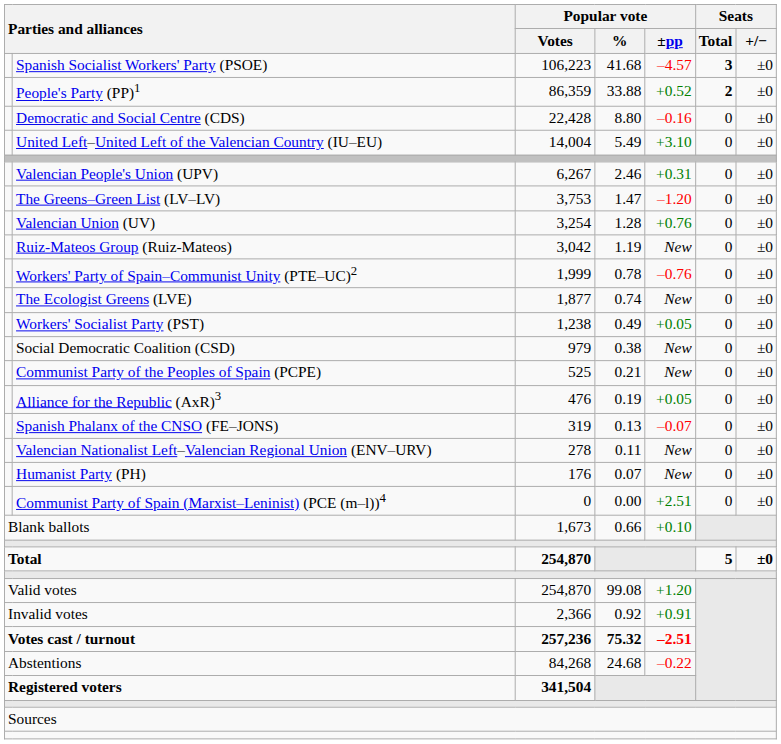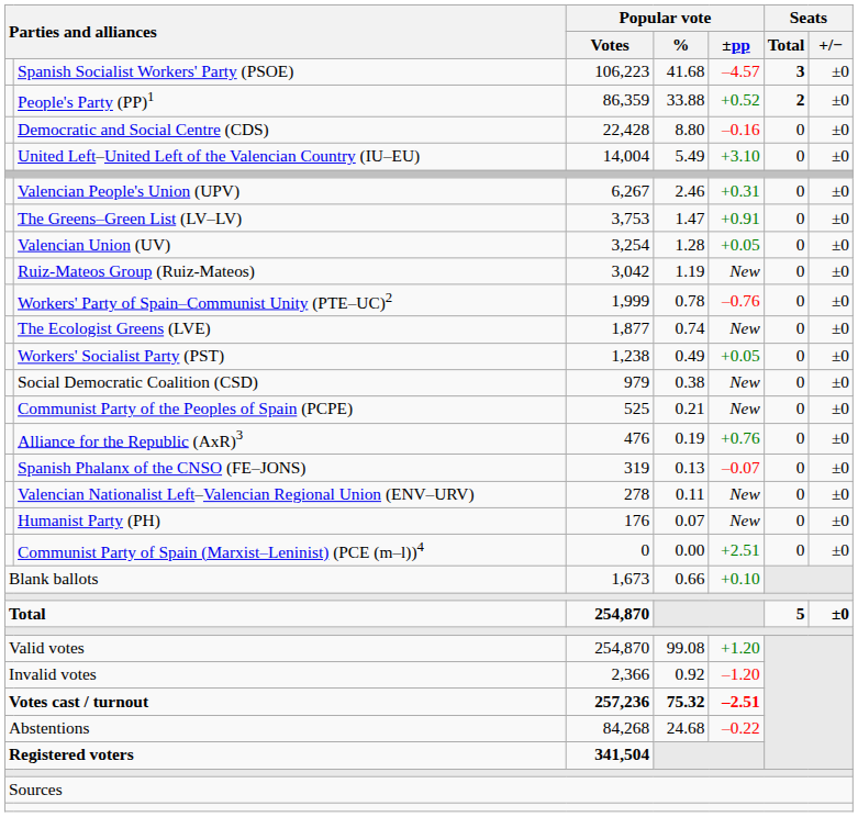 <table class="wikitable" style="text-align:right;">
 <tr>
 <th style="text-align:left;" rowspan="2" colspan="2" width="525">Parties and alliances</th>
 <th colspan="3">Popular vote</th>
 <th colspan="2">Seats</th>
 </tr>
 <tr>
 <th width="75">Votes</th>
 <th width="45">%</th>
 <th width="45">±<a href='#'>pp</a></th>
 <th width="35">Total</th>
 <th width="35">+/−</th>
 </tr>
 <tr>
 <td width="1" style="color:inherit;background:"></td>
 <td align="left"><a href='#'>Spanish Socialist Workers' Party</a> (PSOE)</td>
 <td>106,223</td>
 <td>41.68</td>
 <td style="color:red;">–4.57</td>
 <td><strong>3</strong></td>
 <td>±0</td>
 </tr>
 <tr>
 <td style="color:inherit;background:"></td>
 <td align="left"><a href='#'>People's Party</a> (PP)<sup>1</sup></td>
 <td>86,359</td>
 <td>33.88</td>
 <td style="color:green;">+0.52</td>
 <td><strong>2</strong></td>
 <td>±0</td>
 </tr>
 <tr>
 <td style="color:inherit;background:"></td>
 <td align="left"><a href='#'>Democratic and Social Centre</a> (CDS)</td>
 <td>22,428</td>
 <td>8.80</td>
 <td style="color:red;">–0.16</td>
 <td>0</td>
 <td>±0</td>
 </tr>
 <tr>
 <td style="color:inherit;background:"></td>
 <td align="left"><a href='#'>United Left</a>–<a href='#'>United Left of the Valencian Country</a> (IU–EU)</td>
 <td>14,004</td>
 <td>5.49</td>
 <td style="color:green;">+3.10</td>
 <td>0</td>
 <td>±0</td>
 </tr>
 <tr>
 <td colspan="7" bgcolor="#C0C0C0"></td>
 </tr>
 <tr>
 <td style="color:inherit;background:"></td>
 <td align="left"><a href='#'>Valencian People's Union</a> (UPV)</td>
 <td>6,267</td>
 <td>2.46</td>
 <td style="color:green;">+0.31</td>
 <td>0</td>
 <td>±0</td>
 </tr>
 <tr>
 <td style="color:inherit;background:"></td>
 <td align="left"><a href='#'>The Greens–Green List</a> (LV–LV)</td>
 <td>3,753</td>
 <td>1.47</td>
-<td style="color:red;">–1.20</td>
+<td style="color:green;">+0.91</td>
 <td>0</td>
 <td>±0</td>
 </tr>
 <tr>
 <td style="color:inherit;background:"></td>
 <td align="left"><a href='#'>Valencian Union</a> (UV)</td>
 <td>3,254</td>
 <td>1.28</td>
-<td style="color:green;">+0.76</td>
+<td style="color:green;">+0.05</td>
 <td>0</td>
 <td>±0</td>
 </tr>
 <tr>
 <td style="color:inherit;background:"></td>
 <td align="left"><a href='#'>Ruiz-Mateos Group</a> (Ruiz-Mateos)</td>
 <td>3,042</td>
 <td>1.19</td>
 <td><em>New</em></td>
 <td>0</td>
 <td>±0</td>
 </tr>
 <tr>
 <td style="color:inherit;background:"></td>
 <td align="left"><a href='#'>Workers' Party of Spain–Communist Unity</a> (PTE–UC)<sup>2</sup></td>
 <td>1,999</td>
 <td>0.78</td>
 <td style="color:red;">–0.76</td>
 <td>0</td>
 <td>±0</td>
 </tr>
 <tr>
 <td style="color:inherit;background:"></td>
 <td align="left"><a href='#'>The Ecologist Greens</a> (LVE)</td>
 <td>1,877</td>
 <td>0.74</td>
 <td><em>New</em></td>
 <td>0</td>
 <td>±0</td>
 </tr>
 <tr>
 <td style="color:inherit;background:"></td>
 <td align="left"><a href='#'>Workers' Socialist Party</a> (PST)</td>
 <td>1,238</td>
 <td>0.49</td>
 <td style="color:green;">+0.05</td>
 <td>0</td>
 <td>±0</td>
 </tr>
 <tr>
 <td style="color:inherit;background:"></td>
 <td align="left">Social Democratic Coalition (CSD)</td>
 <td>979</td>
 <td>0.38</td>
 <td><em>New</em></td>
 <td>0</td>
 <td>±0</td>
 </tr>
 <tr>
 <td style="color:inherit;background:"></td>
 <td align="left"><a href='#'>Communist Party of the Peoples of Spain</a> (PCPE)</td>
 <td>525</td>
 <td>0.21</td>
 <td><em>New</em></td>
 <td>0</td>
 <td>±0</td>
 </tr>
 <tr>
 <td style="color:inherit;background:"></td>
 <td align="left"><a href='#'>Alliance for the Republic</a> (AxR)<sup>3</sup></td>
 <td>476</td>
 <td>0.19</td>
-<td style="color:green;">+0.05</td>
+<td style="color:green;">+0.76</td>
 <td>0</td>
 <td>±0</td>
 </tr>
 <tr>
 <td style="color:inherit;background:"></td>
 <td align="left"><a href='#'>Spanish Phalanx of the CNSO</a> (FE–JONS)</td>
 <td>319</td>
 <td>0.13</td>
 <td style="color:red;">–0.07</td>
 <td>0</td>
 <td>±0</td>
 </tr>
 <tr>
 <td style="color:inherit;background:"></td>
 <td align="left"><a href='#'>Valencian Nationalist Left</a>–<a href='#'>Valencian Regional Union</a> (ENV–URV)</td>
 <td>278</td>
 <td>0.11</td>
 <td><em>New</em></td>
 <td>0</td>
 <td>±0</td>
 </tr>
 <tr>
 <td style="color:inherit;background:"></td>
 <td align="left"><a href='#'>Humanist Party</a> (PH)</td>
 <td>176</td>
 <td>0.07</td>
 <td><em>New</em></td>
 <td>0</td>
 <td>±0</td>
 </tr>
 <tr>
 <td style="color:inherit;background:"></td>
 <td align="left"><a href='#'>Communist Party of Spain (Marxist–Leninist)</a> (PCE (m–l))<sup>4</sup></td>
 <td>0</td>
 <td>0.00</td>
 <td style="color:green;">+2.51</td>
 <td>0</td>
 <td>±0</td>
 </tr>
 <tr>
 <td align="left" colspan="2">Blank ballots</td>
 <td>1,673</td>
 <td>0.66</td>
 <td style="color:green;">+0.10</td>
 <td bgcolor="#E9E9E9" colspan="2"></td>
 </tr>
 <tr>
 <td colspan="7" bgcolor="#E9E9E9"></td>
 </tr>
 <tr style="font-weight:bold;">
 <td align="left" colspan="2">Total</td>
 <td>254,870</td>
 <td bgcolor="#E9E9E9" colspan="2"></td>
 <td>5</td>
 <td>±0</td>
 </tr>
 <tr>
 <td colspan="7" bgcolor="#E9E9E9"></td>
 </tr>
 <tr>
 <td align="left" colspan="2">Valid votes</td>
 <td>254,870</td>
 <td>99.08</td>
 <td style="color:green;">+1.20</td>
 <td bgcolor="#E9E9E9" colspan="2" rowspan="5"></td>
 </tr>
 <tr>
 <td align="left" colspan="2">Invalid votes</td>
 <td>2,366</td>
 <td>0.92</td>
-<td style="color:green;">+0.91</td>
+<td style="color:red;">–1.20</td>
 </tr>
 <tr style="font-weight:bold;">
 <td align="left" colspan="2">Votes cast / turnout</td>
 <td>257,236</td>
 <td>75.32</td>
 <td style="color:red;">–2.51</td>
 </tr>
 <tr>
 <td align="left" colspan="2">Abstentions</td>
 <td>84,268</td>
 <td>24.68</td>
 <td style="color:red;">–0.22</td>
 </tr>
 <tr style="font-weight:bold;">
 <td align="left" colspan="2">Registered voters</td>
 <td>341,504</td>
 <td bgcolor="#E9E9E9" colspan="2"></td>
 </tr>
 <tr>
 <td colspan="7" bgcolor="#E9E9E9"></td>
 </tr>
 <tr>
 <td align="left" colspan="7">Sources</td>
 </tr>
 <tr>
 <td colspan="7" style="text-align:left; max-width:790px;"></td>
 </tr>
 </table>
